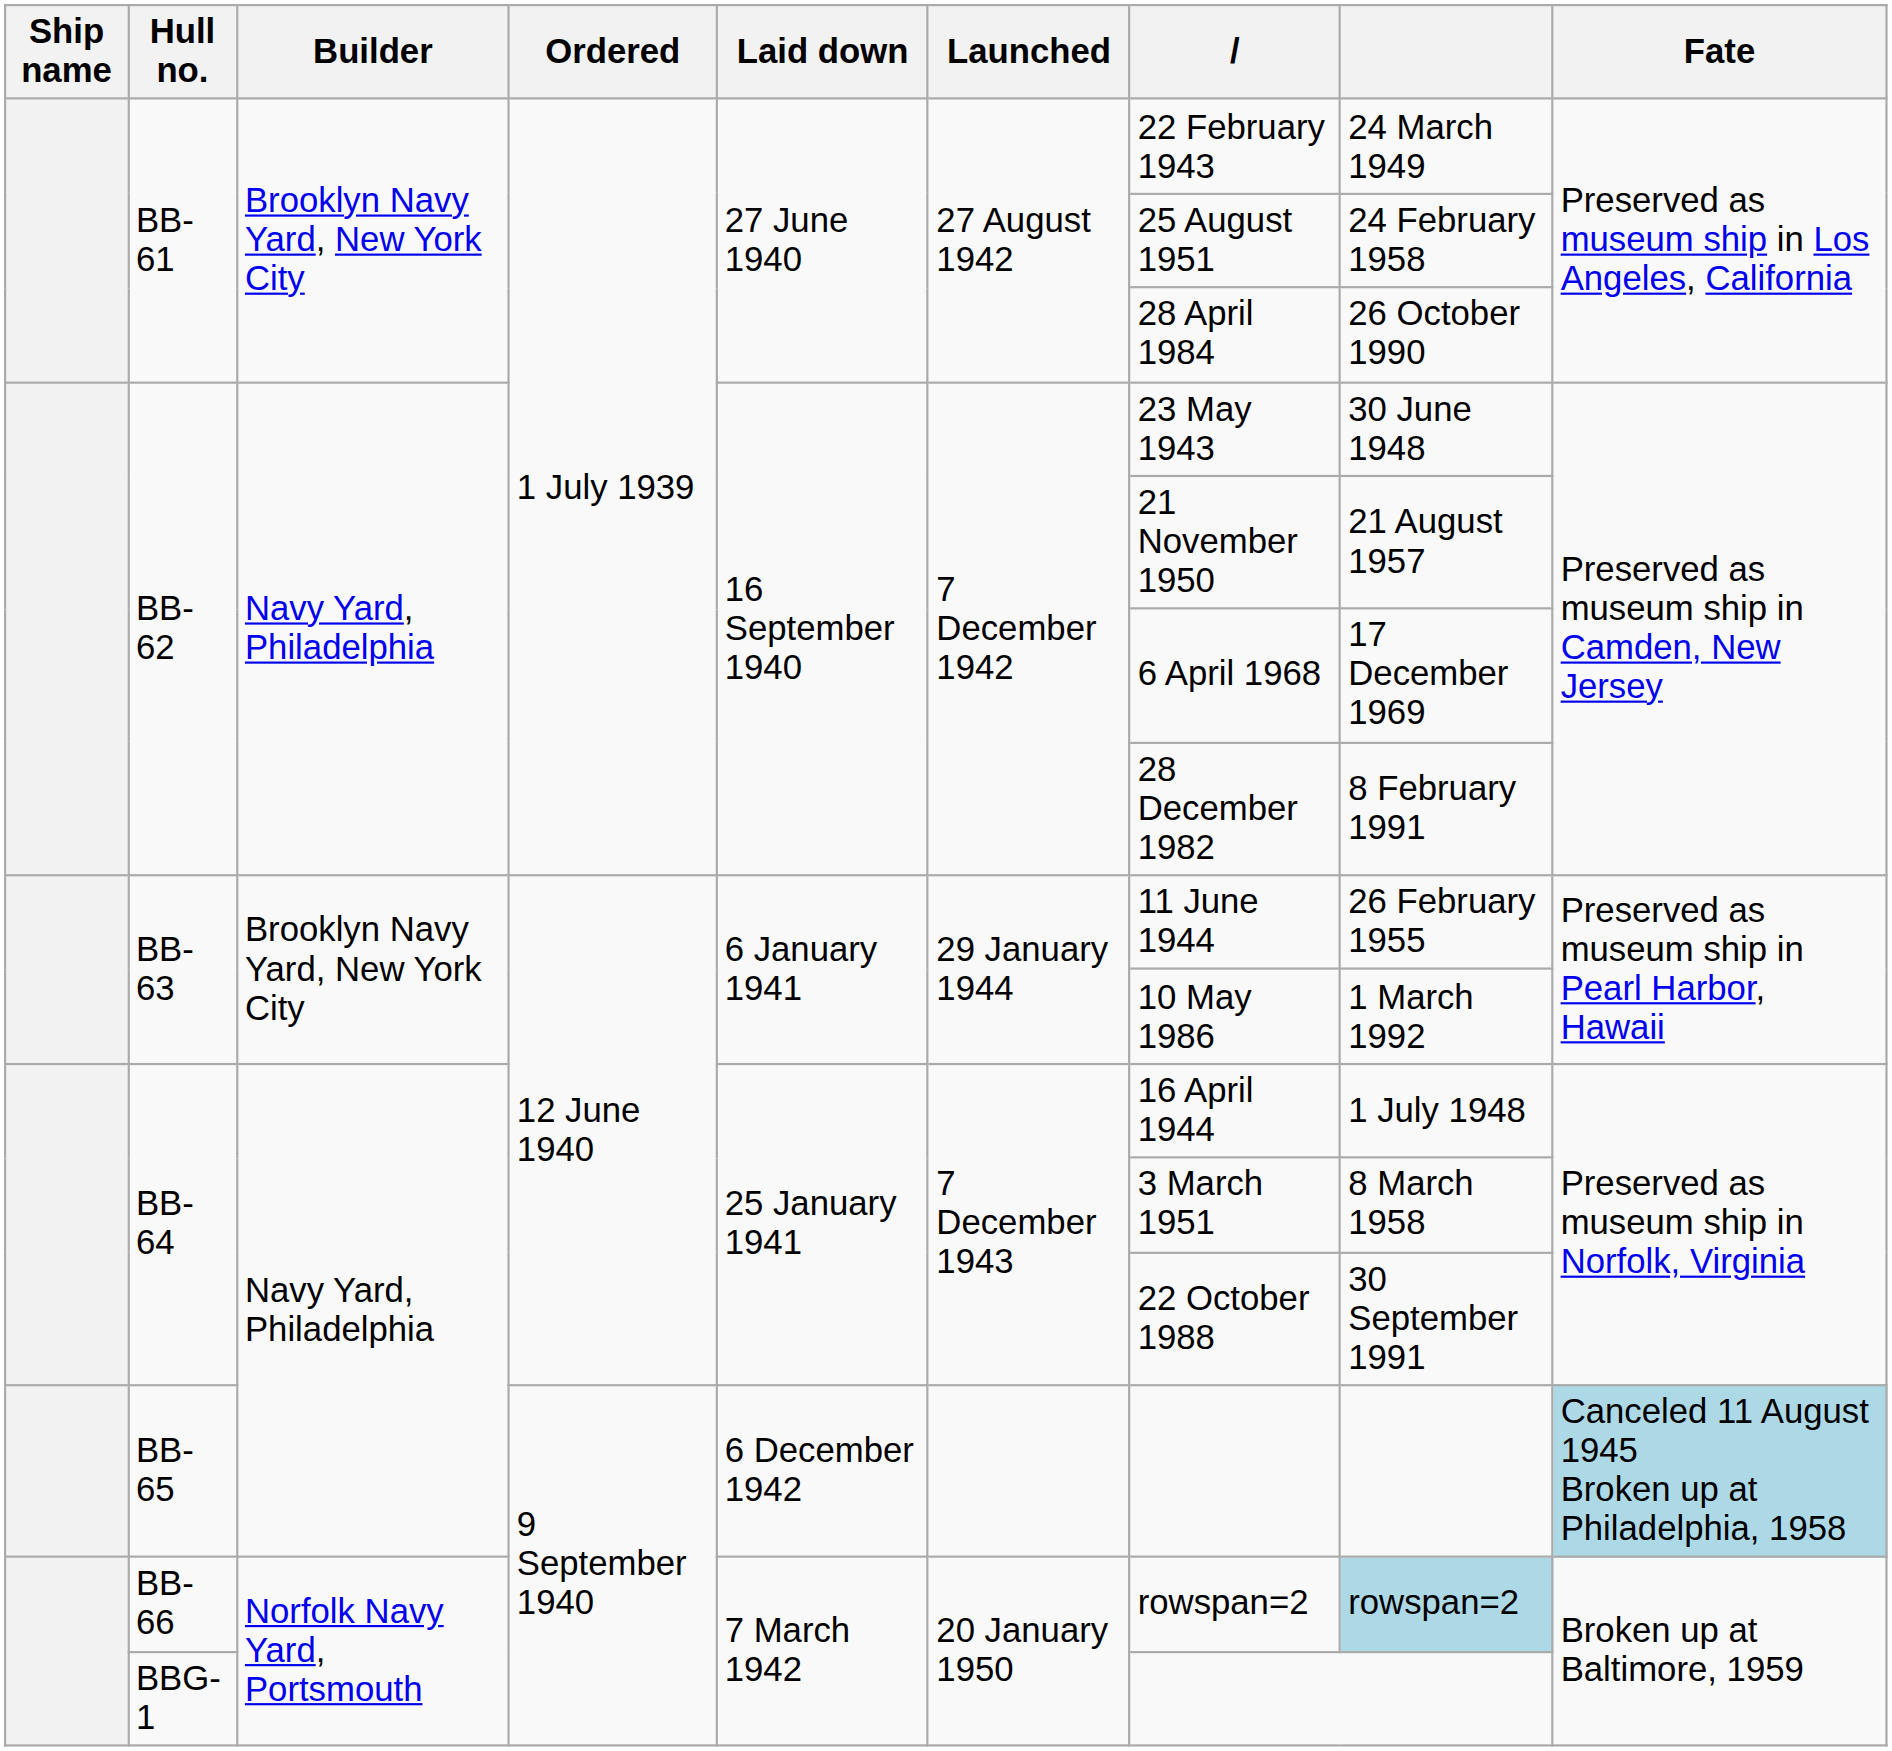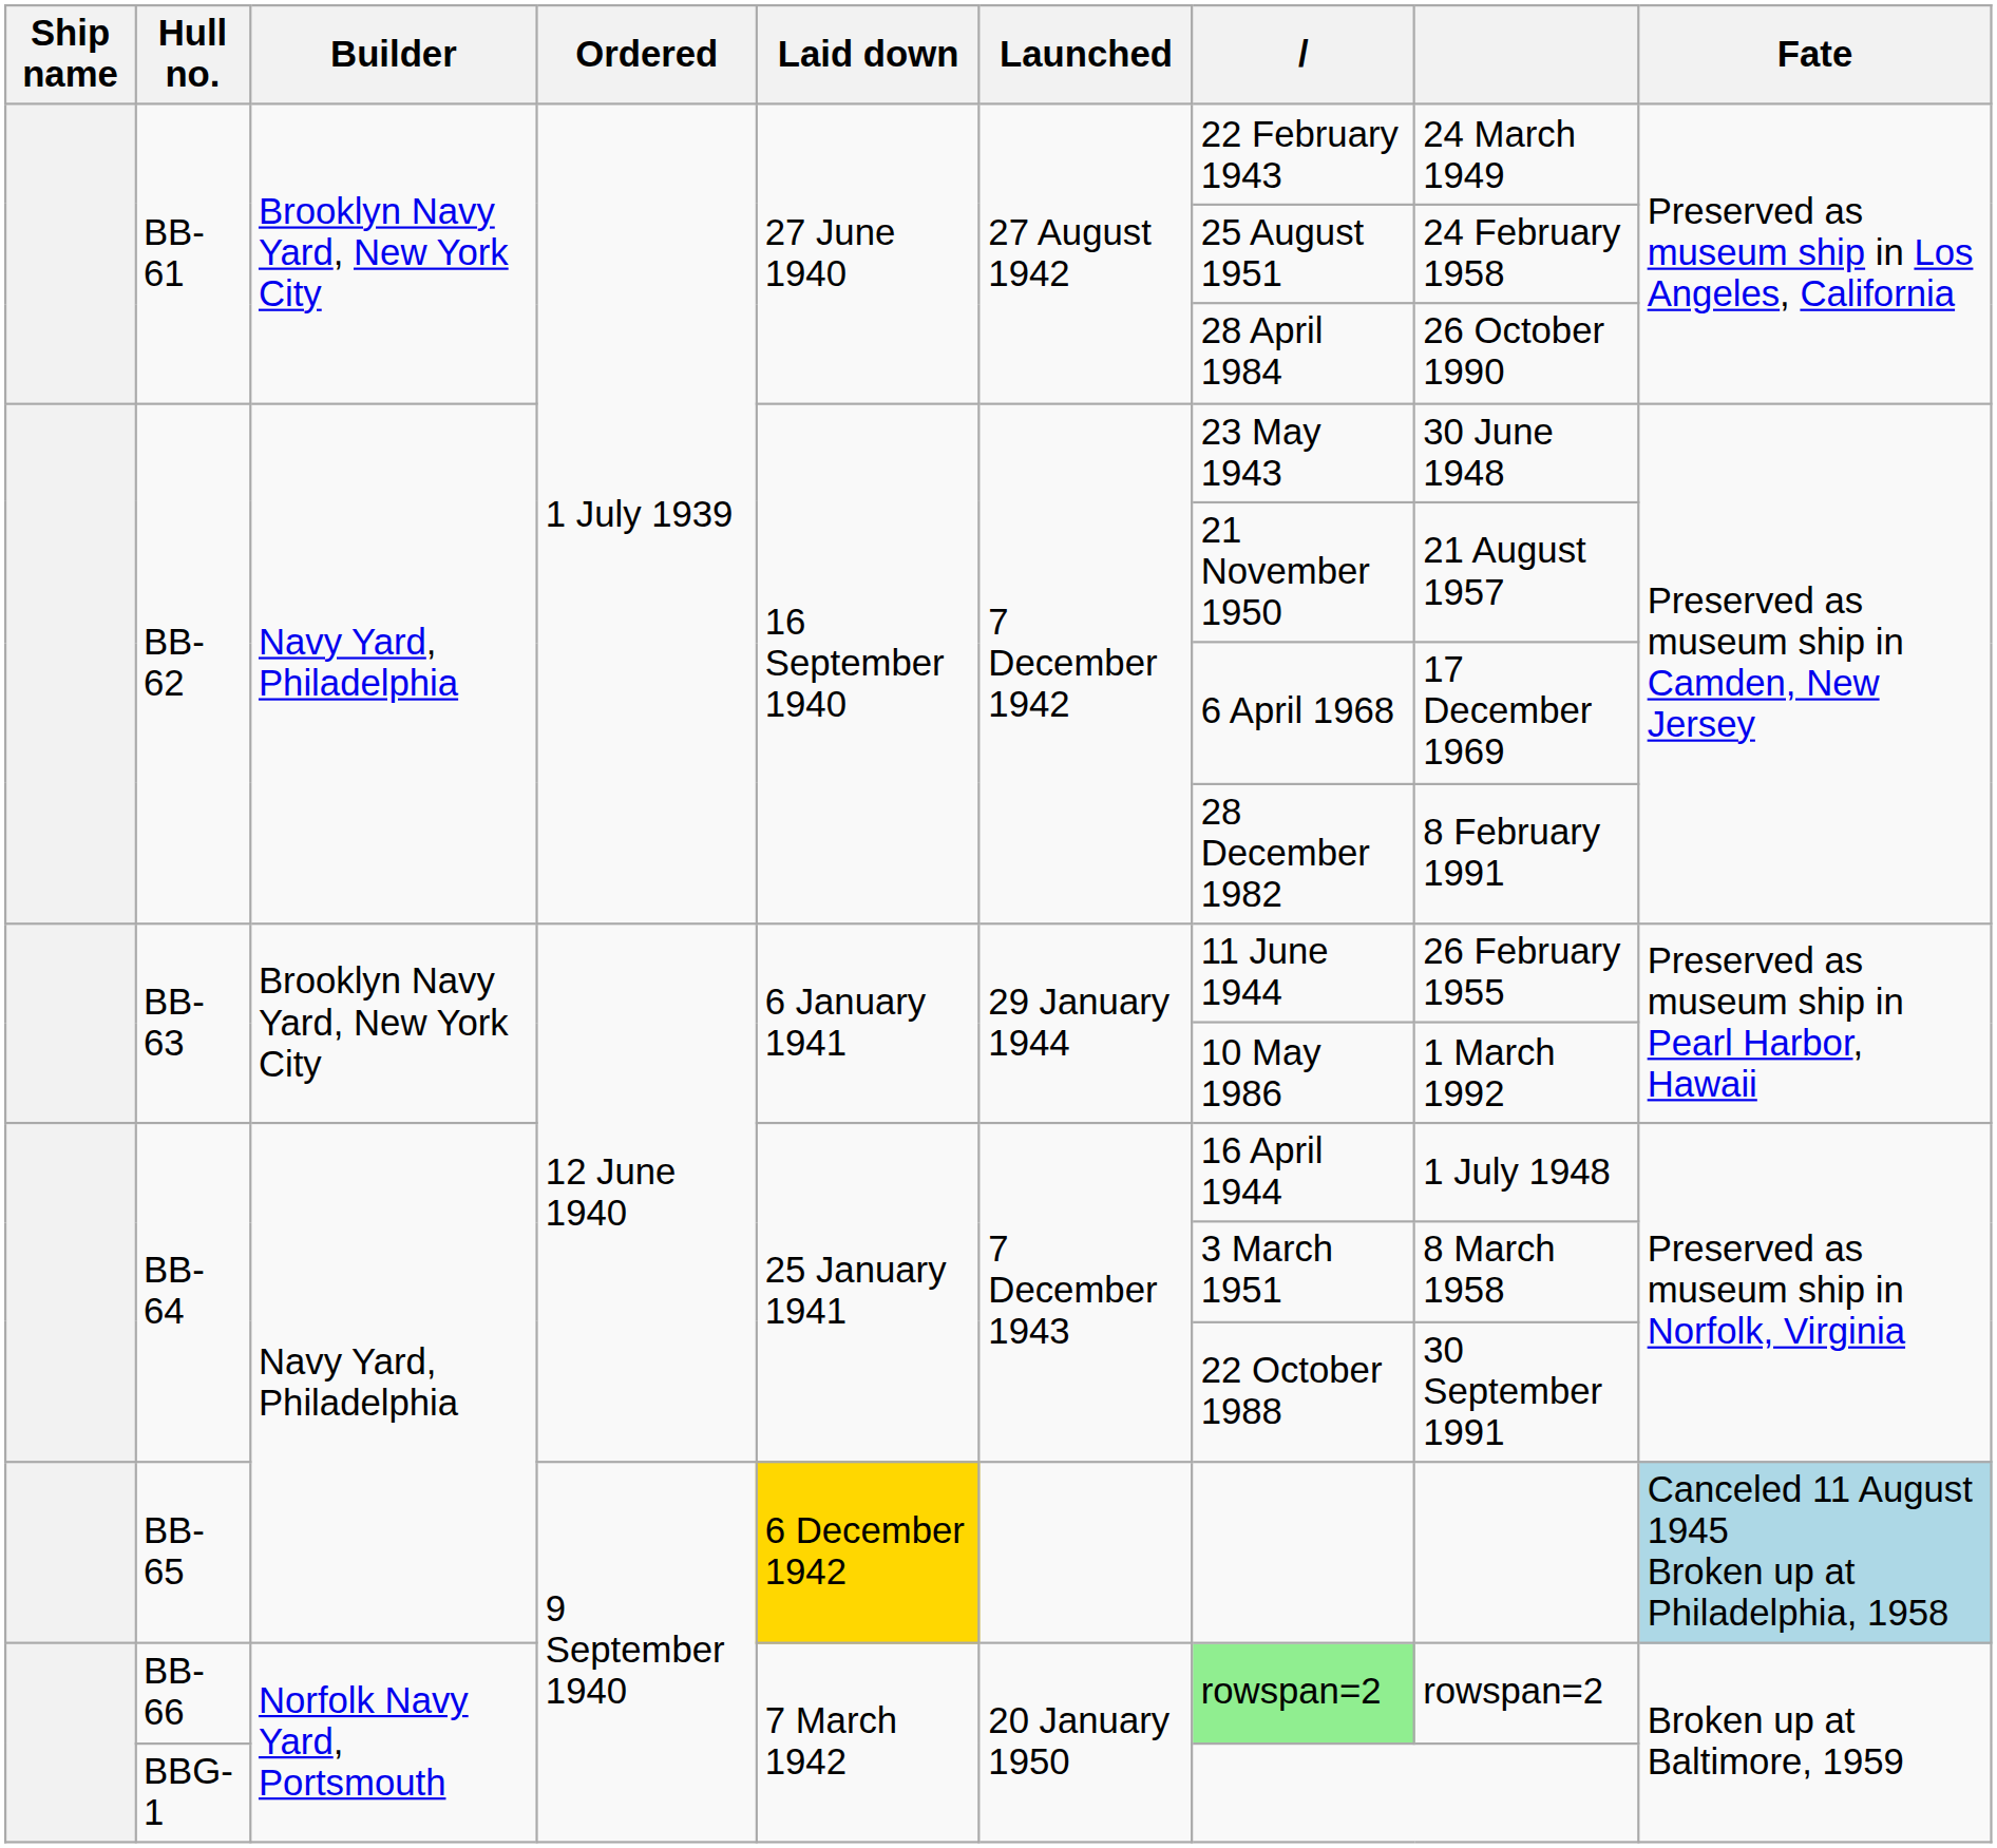 <table class="sortable wikitable plainrowheaders">
 <tr>
 <th scope="col">Ship name</th>
 <th scope="col">Hull no.</th>
 <th scope="col">Builder</th>
 <th scope="col">Ordered</th>
 <th scope="col">Laid down</th>
 <th scope="col">Launched</th>
 <th scope="col">/</th>
 <th scope="col"></th>
 <th scope="col">Fate</th>
 </tr>
 <tr>
 <th scope="row" rowspan=3></th>
 <td rowspan=3>BB-61</td>
 <td rowspan=3><a href='#'>Brooklyn Navy Yard</a>, <a href='#'>New York City</a></td>
 <td rowspan=7>1 July 1939</td>
 <td rowspan=3>27 June 1940</td>
 <td rowspan=3>27 August 1942</td>
 <td>22 February 1943</td>
 <td>24 March 1949</td>
 <td rowspan=3>Preserved as <a href='#'>museum ship</a> in <a href='#'>Los Angeles</a>, <a href='#'>California</a></td>
 </tr>
 <tr>
 <td>25 August 1951</td>
 <td>24 February 1958</td>
 </tr>
 <tr>
 <td>28 April 1984</td>
 <td>26 October 1990</td>
 </tr>
 <tr>
 <th scope="row" rowspan=4></th>
 <td rowspan=4>BB-62</td>
 <td rowspan=4><a href='#'>Navy Yard</a>, <a href='#'>Philadelphia</a></td>
 <td rowspan=4>16 September 1940</td>
 <td rowspan=4>7 December 1942</td>
 <td>23 May 1943</td>
 <td>30 June 1948</td>
 <td rowspan=4>Preserved as museum ship in <a href='#'>Camden, New Jersey</a></td>
 </tr>
 <tr>
 <td>21 November 1950</td>
 <td>21 August 1957</td>
 </tr>
 <tr>
 <td>6 April 1968</td>
 <td>17 December 1969</td>
 </tr>
 <tr>
 <td>28 December 1982</td>
 <td>8 February 1991</td>
 </tr>
 <tr>
 <th scope="row" rowspan=2></th>
 <td rowspan=2>BB-63</td>
 <td rowspan=2>Brooklyn Navy Yard, New York City</td>
 <td rowspan=5>12 June 1940</td>
 <td rowspan=2>6 January 1941</td>
 <td rowspan=2>29 January 1944</td>
 <td>11 June 1944</td>
 <td>26 February 1955</td>
 <td rowspan=2>Preserved as museum ship in <a href='#'>Pearl Harbor</a>, <a href='#'>Hawaii</a></td>
 </tr>
 <tr>
 <td>10 May 1986</td>
 <td>1 March 1992</td>
 </tr>
 <tr>
 <th scope="row" rowspan=3></th>
 <td rowspan=3>BB-64</td>
 <td rowspan=4>Navy Yard, Philadelphia</td>
 <td rowspan=3>25 January 1941</td>
 <td rowspan=3>7 December 1943</td>
 <td>16 April 1944</td>
 <td>1 July 1948</td>
 <td rowspan=3>Preserved as museum ship in <a href='#'>Norfolk, Virginia</a></td>
 </tr>
 <tr>
 <td>3 March 1951</td>
 <td>8 March 1958</td>
 </tr>
 <tr>
 <td>22 October 1988</td>
 <td>30 September 1991</td>
 </tr>
 <tr>
 <th scope="row"></th>
 <td>BB-65</td>
 <td rowspan=3>9 September 1940</td>
-<td>6 December 1942</td>
+<td style="background: gold;">6 December 1942</td>
 <td></td>
 <td></td>
 <td></td>
 <td style="background: lightblue;">Canceled 11 August 1945<br>Broken up at Philadelphia, 1958</td>
 </tr>
 <tr>
 <th scope="row" rowspan=2></th>
 <td>BB-66</td>
 <td rowspan=2><a href='#'>Norfolk Navy Yard</a>, <a href='#'>Portsmouth</a></td>
 <td rowspan=2>7 March 1942</td>
 <td rowspan=2>20 January 1950</td>
+<td style="background: lightgreen;">rowspan=2 </td>
 <td>rowspan=2 </td>
-<td style="background: lightblue;">rowspan=2 </td>
 <td rowspan=2>Broken up at Baltimore, 1959</td>
 </tr>
 <tr>
 <td>BBG-1</td>
 </tr>
 </table>
